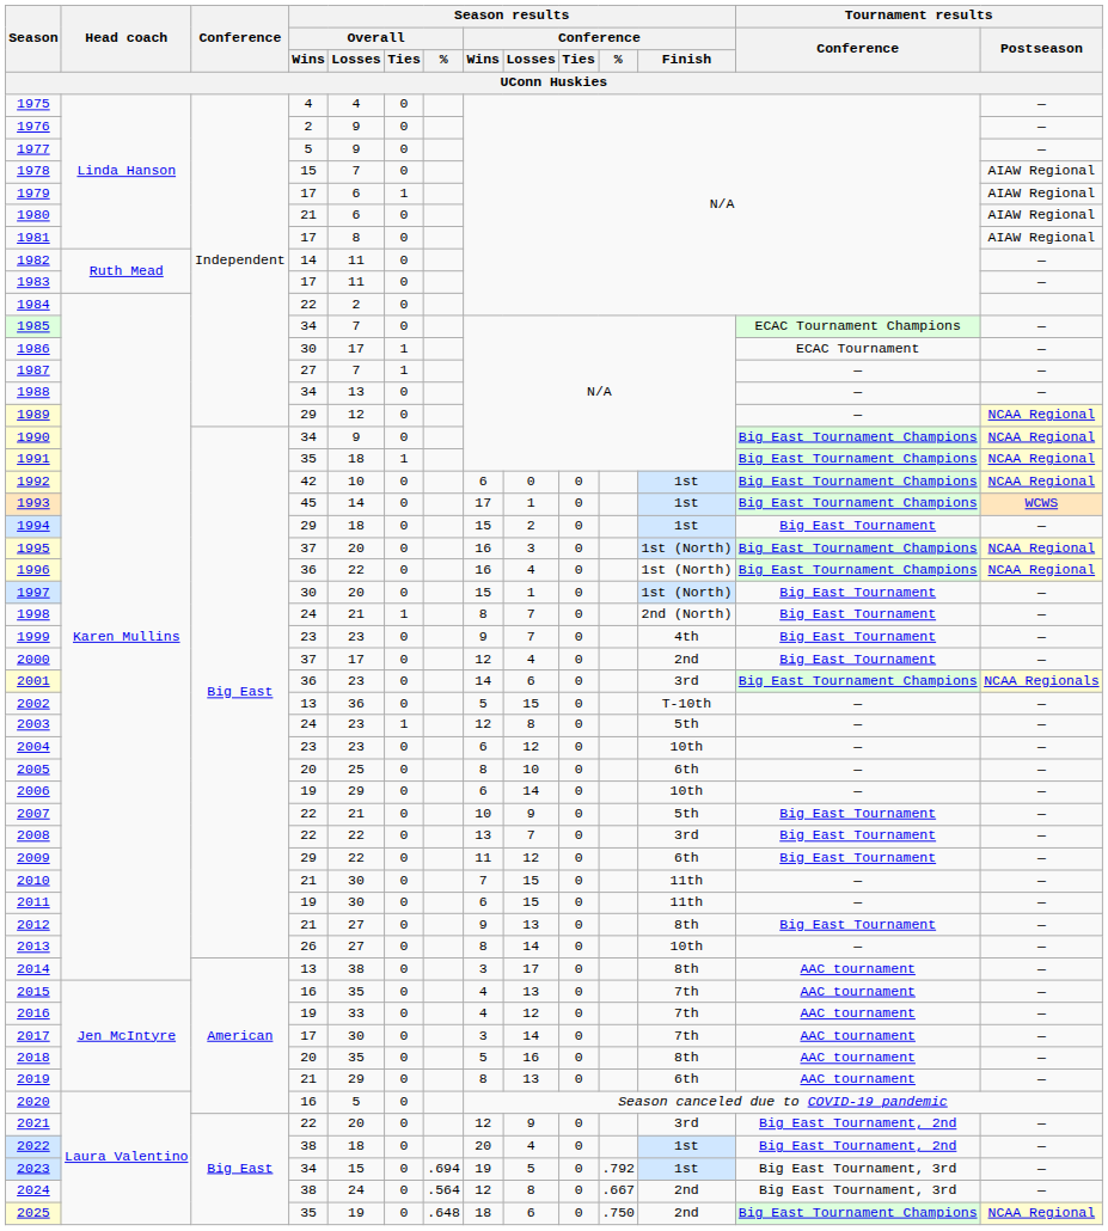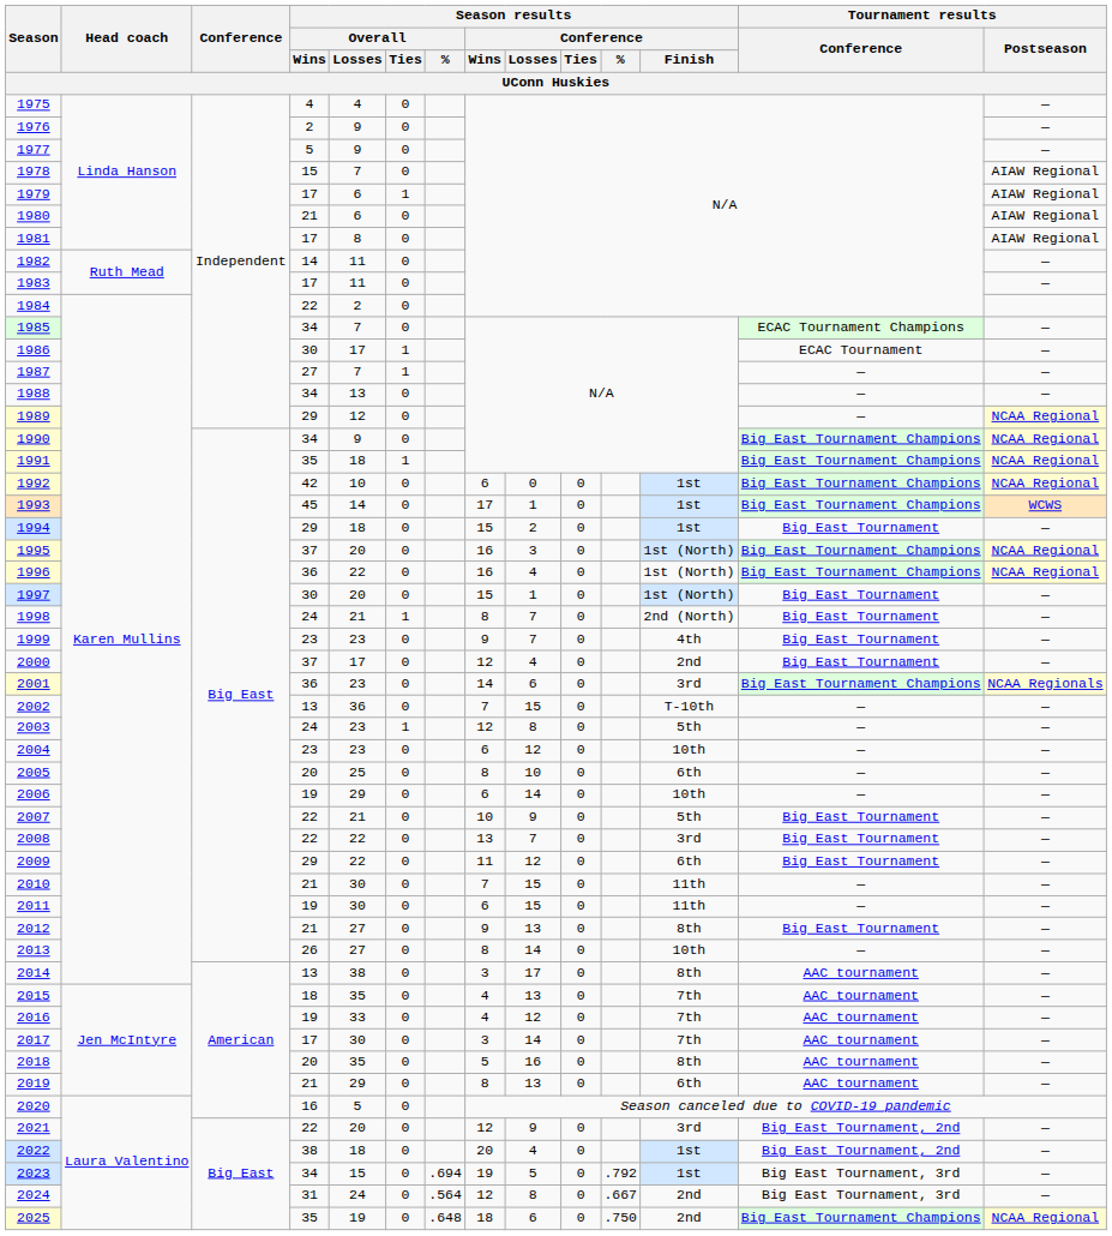 <table class="wikitable" style="font-size: 95%; text-align:center;">
 <tr>
 <th rowspan=3>Season</th>
 <th rowspan=3>Head coach</th>
 <th rowspan=3>Conference</th>
 <th colspan=9>Season results</th>
 <th colspan=2>Tournament results</th>
 </tr>
 <tr>
 <th colspan=4>Overall</th>
 <th colspan=5>Conference</th>
 <th rowspan=2>Conference</th>
 <th rowspan=2>Postseason</th>
 </tr>
 <tr>
 <th>Wins</th>
 <th>Losses</th>
 <th>Ties</th>
 <th>%</th>
 <th>Wins</th>
 <th>Losses</th>
 <th>Ties</th>
 <th>%</th>
 <th>Finish</th>
 </tr>
 <tr>
 <th colspan=14>UConn Huskies</th>
 </tr>
 <tr>
 <td><a href='#'>1975</a></td>
 <td rowspan=7><a href='#'>Linda Hanson</a></td>
 <td rowspan=15>Independent</td>
 <td>4</td>
 <td>4</td>
 <td>0</td>
 <td></td>
 <td rowspan=10 colspan=6>N/A</td>
 <td>—</td>
 </tr>
 <tr>
 <td><a href='#'>1976</a></td>
 <td>2</td>
 <td>9</td>
 <td>0</td>
 <td></td>
 <td>—</td>
 </tr>
 <tr>
 <td><a href='#'>1977</a></td>
 <td>5</td>
 <td>9</td>
 <td>0</td>
 <td></td>
 <td>—</td>
 </tr>
 <tr>
 <td><a href='#'>1978</a></td>
 <td>15</td>
 <td>7</td>
 <td>0</td>
 <td></td>
 <td>AIAW Regional</td>
 </tr>
 <tr>
 <td><a href='#'>1979</a></td>
 <td>17</td>
 <td>6</td>
 <td>1</td>
 <td></td>
 <td>AIAW Regional</td>
 </tr>
 <tr>
 <td><a href='#'>1980</a></td>
 <td>21</td>
 <td>6</td>
 <td>0</td>
 <td></td>
 <td>AIAW Regional</td>
 </tr>
 <tr>
 <td><a href='#'>1981</a></td>
 <td>17</td>
 <td>8</td>
 <td>0</td>
 <td></td>
 <td>AIAW Regional</td>
 </tr>
 <tr>
 <td><a href='#'>1982</a></td>
 <td rowspan=2><a href='#'>Ruth Mead</a></td>
 <td>14</td>
 <td>11</td>
 <td>0</td>
 <td></td>
 <td>—</td>
 </tr>
 <tr>
 <td><a href='#'>1983</a></td>
 <td>17</td>
 <td>11</td>
 <td>0</td>
 <td></td>
 <td>—</td>
 </tr>
 <tr>
 <td><a href='#'>1984</a></td>
 <td rowspan=31><a href='#'>Karen Mullins</a></td>
 <td>22</td>
 <td>2</td>
 <td>0</td>
 <td></td>
 </tr>
 <tr>
 <td bgcolor="#DDFFDD"><a href='#'>1985</a></td>
 <td>34</td>
 <td>7</td>
 <td>0</td>
 <td></td>
 <td rowspan=7 colspan=5>N/A</td>
 <td bgcolor="#DDFFDD">ECAC Tournament Champions</td>
 <td>—</td>
 </tr>
 <tr>
 <td><a href='#'>1986</a></td>
 <td>30</td>
 <td>17</td>
 <td>1</td>
 <td></td>
 <td>ECAC Tournament</td>
 <td>—</td>
 </tr>
 <tr>
 <td><a href='#'>1987</a></td>
 <td>27</td>
 <td>7</td>
 <td>1</td>
 <td></td>
 <td>—</td>
 <td>—</td>
 </tr>
 <tr>
 <td><a href='#'>1988</a></td>
 <td>34</td>
 <td>13</td>
 <td>0</td>
 <td></td>
 <td>—</td>
 <td>—</td>
 </tr>
 <tr>
 <td bgcolor="#FFFDD0"><a href='#'>1989</a></td>
 <td>29</td>
 <td>12</td>
 <td>0</td>
 <td></td>
 <td>—</td>
 <td bgcolor="#FFFDD0"><a href='#'>NCAA Regional</a></td>
 </tr>
 <tr>
 <td bgcolor="#FFFDD0"><a href='#'>1990</a></td>
 <td rowspan=24><a href='#'>Big East</a></td>
 <td>34</td>
 <td>9</td>
 <td>0</td>
 <td></td>
 <td bgcolor="#DDFFDD"><a href='#'>Big East Tournament Champions</a></td>
 <td bgcolor="#FFFDD0"><a href='#'>NCAA Regional</a></td>
 </tr>
 <tr>
 <td bgcolor="#FFFDD0"><a href='#'>1991</a></td>
 <td>35</td>
 <td>18</td>
 <td>1</td>
 <td></td>
 <td bgcolor="#DDFFDD"><a href='#'>Big East Tournament Champions</a></td>
 <td bgcolor="#FFFDD0"><a href='#'>NCAA Regional</a></td>
 </tr>
 <tr>
 <td bgcolor="#FFFDD0"><a href='#'>1992</a></td>
 <td>42</td>
 <td>10</td>
 <td>0</td>
 <td></td>
 <td>6</td>
 <td>0</td>
 <td>0</td>
 <td></td>
 <td bgcolor="#D0E7FF">1st</td>
 <td bgcolor="#DDFFDD"><a href='#'>Big East Tournament Champions</a></td>
 <td bgcolor="#FFFDD0"><a href='#'>NCAA Regional</a></td>
 </tr>
 <tr>
 <td bgcolor="#FFE6BD"><a href='#'>1993</a></td>
 <td>45</td>
 <td>14</td>
 <td>0</td>
 <td></td>
 <td>17</td>
 <td>1</td>
 <td>0</td>
 <td></td>
 <td bgcolor="#D0E7FF">1st</td>
 <td bgcolor="#DDFFDD"><a href='#'>Big East Tournament Champions</a></td>
 <td bgcolor="#FFE6BD"><a href='#'>WCWS</a></td>
 </tr>
 <tr>
 <td bgcolor="#D0E7FF"><a href='#'>1994</a></td>
 <td>29</td>
 <td>18</td>
 <td>0</td>
 <td></td>
 <td>15</td>
 <td>2</td>
 <td>0</td>
 <td></td>
 <td bgcolor="#D0E7FF">1st</td>
 <td><a href='#'>Big East Tournament</a></td>
 <td>—</td>
 </tr>
 <tr>
 <td bgcolor="#FFFDD0"><a href='#'>1995</a></td>
 <td>37</td>
 <td>20</td>
 <td>0</td>
 <td></td>
 <td>16</td>
 <td>3</td>
 <td>0</td>
 <td></td>
 <td bgcolor="#D0E7FF">1st (North)</td>
 <td bgcolor="#DDFFDD"><a href='#'>Big East Tournament Champions</a></td>
 <td bgcolor="#FFFDD0"><a href='#'>NCAA Regional</a></td>
 </tr>
 <tr>
 <td bgcolor="#FFFDD0"><a href='#'>1996</a></td>
 <td>36</td>
 <td>22</td>
 <td>0</td>
 <td></td>
 <td>16</td>
 <td>4</td>
 <td>0</td>
 <td></td>
 <td>1st (North)</td>
 <td bgcolor="#DDFFDD"><a href='#'>Big East Tournament Champions</a></td>
 <td bgcolor="#FFFDD0"><a href='#'>NCAA Regional</a></td>
 </tr>
 <tr>
 <td bgcolor="#D0E7FF"><a href='#'>1997</a></td>
 <td>30</td>
 <td>20</td>
 <td>0</td>
 <td></td>
 <td>15</td>
 <td>1</td>
 <td>0</td>
 <td></td>
 <td bgcolor="#D0E7FF">1st (North)</td>
 <td><a href='#'>Big East Tournament</a></td>
 <td>—</td>
 </tr>
 <tr>
 <td><a href='#'>1998</a></td>
 <td>24</td>
 <td>21</td>
 <td>1</td>
 <td></td>
 <td>8</td>
 <td>7</td>
 <td>0</td>
 <td></td>
 <td>2nd (North)</td>
 <td><a href='#'>Big East Tournament</a></td>
 <td>—</td>
 </tr>
 <tr>
 <td><a href='#'>1999</a></td>
 <td>23</td>
 <td>23</td>
 <td>0</td>
 <td></td>
 <td>9</td>
 <td>7</td>
 <td>0</td>
 <td></td>
 <td>4th</td>
 <td><a href='#'>Big East Tournament</a></td>
 <td>—</td>
 </tr>
 <tr>
 <td><a href='#'>2000</a></td>
 <td>37</td>
 <td>17</td>
 <td>0</td>
 <td></td>
 <td>12</td>
 <td>4</td>
 <td>0</td>
 <td></td>
 <td>2nd</td>
 <td><a href='#'>Big East Tournament</a></td>
 <td>—</td>
 </tr>
 <tr>
 <td bgcolor="#FFFDD0"><a href='#'>2001</a></td>
 <td>36</td>
 <td>23</td>
 <td>0</td>
 <td></td>
 <td>14</td>
 <td>6</td>
 <td>0</td>
 <td></td>
 <td>3rd</td>
 <td bgcolor="#DDFFDD"><a href='#'>Big East Tournament Champions</a></td>
 <td bgcolor="#FFFDD0"><a href='#'>NCAA Regionals</a></td>
 </tr>
 <tr>
 <td><a href='#'>2002</a></td>
 <td>13</td>
 <td>36</td>
 <td>0</td>
 <td></td>
-<td>5</td>
+<td>7</td>
 <td>15</td>
 <td>0</td>
 <td></td>
 <td>T-10th</td>
 <td>—</td>
 <td>—</td>
 </tr>
 <tr>
 <td><a href='#'>2003</a></td>
 <td>24</td>
 <td>23</td>
 <td>1</td>
 <td></td>
 <td>12</td>
 <td>8</td>
 <td>0</td>
 <td></td>
 <td>5th</td>
 <td>—</td>
 <td>—</td>
 </tr>
 <tr>
 <td><a href='#'>2004</a></td>
 <td>23</td>
 <td>23</td>
 <td>0</td>
 <td></td>
 <td>6</td>
 <td>12</td>
 <td>0</td>
 <td></td>
 <td>10th</td>
 <td>—</td>
 <td>—</td>
 </tr>
 <tr>
 <td><a href='#'>2005</a></td>
 <td>20</td>
 <td>25</td>
 <td>0</td>
 <td></td>
 <td>8</td>
 <td>10</td>
 <td>0</td>
 <td></td>
 <td>6th</td>
 <td>—</td>
 <td>—</td>
 </tr>
 <tr>
 <td><a href='#'>2006</a></td>
 <td>19</td>
 <td>29</td>
 <td>0</td>
 <td></td>
 <td>6</td>
 <td>14</td>
 <td>0</td>
 <td></td>
 <td>10th</td>
 <td>—</td>
 <td>—</td>
 </tr>
 <tr>
 <td><a href='#'>2007</a></td>
 <td>22</td>
 <td>21</td>
 <td>0</td>
 <td></td>
 <td>10</td>
 <td>9</td>
 <td>0</td>
 <td></td>
 <td>5th</td>
 <td><a href='#'>Big East Tournament</a></td>
 <td>—</td>
 </tr>
 <tr>
 <td><a href='#'>2008</a></td>
 <td>22</td>
 <td>22</td>
 <td>0</td>
 <td></td>
 <td>13</td>
 <td>7</td>
 <td>0</td>
 <td></td>
 <td>3rd</td>
 <td><a href='#'>Big East Tournament</a></td>
 <td>—</td>
 </tr>
 <tr>
 <td><a href='#'>2009</a></td>
 <td>29</td>
 <td>22</td>
 <td>0</td>
 <td></td>
 <td>11</td>
 <td>12</td>
 <td>0</td>
 <td></td>
 <td>6th</td>
 <td><a href='#'>Big East Tournament</a></td>
 <td>—</td>
 </tr>
 <tr>
 <td><a href='#'>2010</a></td>
 <td>21</td>
 <td>30</td>
 <td>0</td>
 <td></td>
 <td>7</td>
 <td>15</td>
 <td>0</td>
 <td></td>
 <td>11th</td>
 <td>—</td>
 <td>—</td>
 </tr>
 <tr>
 <td><a href='#'>2011</a></td>
 <td>19</td>
 <td>30</td>
 <td>0</td>
 <td></td>
 <td>6</td>
 <td>15</td>
 <td>0</td>
 <td></td>
 <td>11th</td>
 <td>—</td>
 <td>—</td>
 </tr>
 <tr>
 <td><a href='#'>2012</a></td>
 <td>21</td>
 <td>27</td>
 <td>0</td>
 <td></td>
 <td>9</td>
 <td>13</td>
 <td>0</td>
 <td></td>
 <td>8th</td>
 <td><a href='#'>Big East Tournament</a></td>
 <td>—</td>
 </tr>
 <tr>
 <td><a href='#'>2013</a></td>
 <td>26</td>
 <td>27</td>
 <td>0</td>
 <td></td>
 <td>8</td>
 <td>14</td>
 <td>0</td>
 <td></td>
 <td>10th</td>
 <td>—</td>
 <td>—</td>
 </tr>
 <tr>
 <td><a href='#'>2014</a></td>
 <td rowspan=7><a href='#'>American</a></td>
 <td>13</td>
 <td>38</td>
 <td>0</td>
 <td></td>
 <td>3</td>
 <td>17</td>
 <td>0</td>
 <td></td>
 <td>8th</td>
 <td><a href='#'>AAC tournament</a></td>
 <td>—</td>
 </tr>
 <tr>
 <td><a href='#'>2015</a></td>
 <td rowspan=5><a href='#'>Jen McIntyre</a></td>
-<td>16</td>
+<td>18</td>
 <td>35</td>
 <td>0</td>
 <td></td>
 <td>4</td>
 <td>13</td>
 <td>0</td>
 <td></td>
 <td>7th</td>
 <td><a href='#'>AAC tournament</a></td>
 <td>—</td>
 </tr>
 <tr>
 <td><a href='#'>2016</a></td>
 <td>19</td>
 <td>33</td>
 <td>0</td>
 <td></td>
 <td>4</td>
 <td>12</td>
 <td>0</td>
 <td></td>
 <td>7th</td>
 <td><a href='#'>AAC tournament</a></td>
 <td>—</td>
 </tr>
 <tr>
 <td><a href='#'>2017</a></td>
 <td>17</td>
 <td>30</td>
 <td>0</td>
 <td></td>
 <td>3</td>
 <td>14</td>
 <td>0</td>
 <td></td>
 <td>7th</td>
 <td><a href='#'>AAC tournament</a></td>
 <td>—</td>
 </tr>
 <tr>
 <td><a href='#'>2018</a></td>
 <td>20</td>
 <td>35</td>
 <td>0</td>
 <td></td>
 <td>5</td>
 <td>16</td>
 <td>0</td>
 <td></td>
 <td>8th</td>
 <td><a href='#'>AAC tournament</a></td>
 <td>—</td>
 </tr>
 <tr>
 <td><a href='#'>2019</a></td>
 <td>21</td>
 <td>29</td>
 <td>0</td>
 <td></td>
 <td>8</td>
 <td>13</td>
 <td>0</td>
 <td></td>
 <td>6th</td>
 <td><a href='#'>AAC tournament</a></td>
 <td>—</td>
 </tr>
 <tr>
 <td><a href='#'>2020</a></td>
 <td rowspan="6"><a href='#'>Laura Valentino</a></td>
 <td>16</td>
 <td>5</td>
 <td>0</td>
 <td></td>
 <td colspan=7><em>Season canceled due to <a href='#'>COVID-19 pandemic</a></em></td>
 </tr>
 <tr>
 <td><a href='#'>2021</a></td>
 <td rowspan="5"><a href='#'>Big East</a></td>
 <td>22</td>
 <td>20</td>
 <td>0</td>
 <td></td>
 <td>12</td>
 <td>9</td>
 <td>0</td>
 <td></td>
 <td>3rd</td>
 <td><a href='#'>Big East Tournament, 2nd</a></td>
 <td>—</td>
 </tr>
 <tr>
 <td bgcolor="#D0E7FF"><a href='#'>2022</a></td>
 <td>38</td>
 <td>18</td>
 <td>0</td>
 <td></td>
 <td>20</td>
 <td>4</td>
 <td>0</td>
 <td></td>
 <td bgcolor="#D0E7FF">1st</td>
 <td><a href='#'>Big East Tournament, 2nd</a></td>
 <td>—</td>
 </tr>
 <tr>
 <td bgcolor="#D0E7FF"><a href='#'>2023</a></td>
 <td>34</td>
 <td>15</td>
 <td>0</td>
 <td>.694</td>
 <td>19</td>
 <td>5</td>
 <td>0</td>
 <td>.792</td>
 <td bgcolor="#D0E7FF">1st</td>
 <td>Big East Tournament, 3rd</td>
 <td>—</td>
 </tr>
 <tr>
 <td><a href='#'>2024</a></td>
-<td>38</td>
+<td>31</td>
 <td>24</td>
 <td>0</td>
 <td>.564</td>
 <td>12</td>
 <td>8</td>
 <td>0</td>
 <td>.667</td>
 <td>2nd</td>
 <td>Big East Tournament, 3rd</td>
 <td>—</td>
 </tr>
 <tr>
 <td bgcolor="#FFFDD0"><a href='#'>2025</a></td>
 <td>35</td>
 <td>19</td>
 <td>0</td>
 <td>.648</td>
 <td>18</td>
 <td>6</td>
 <td>0</td>
 <td>.750</td>
 <td>2nd</td>
 <td bgcolor="#DDFFDD"><a href='#'>Big East Tournament Champions</a></td>
 <td bgcolor="#FFFDD0"><a href='#'>NCAA Regional</a></td>
 </tr>
 </table>
